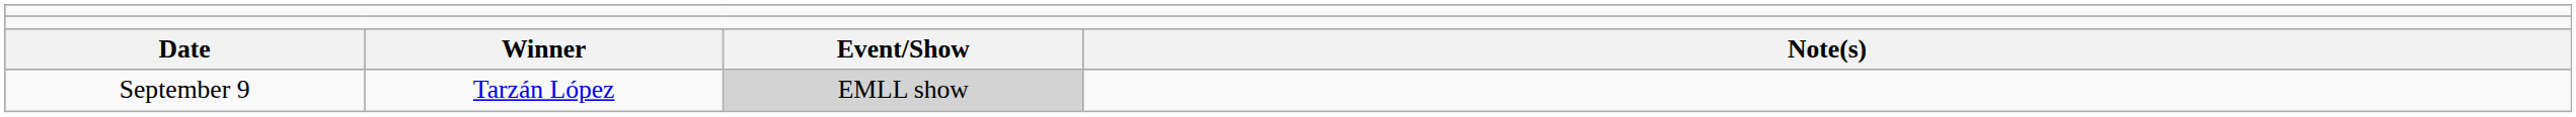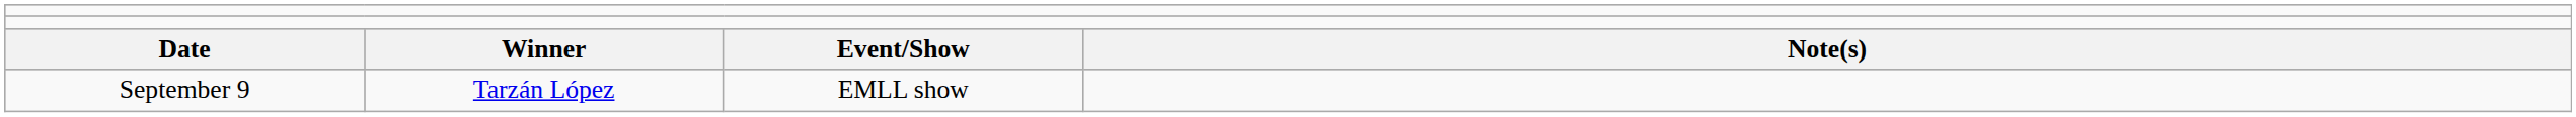 <table class="wikitable" style="text-align:center; width:100%;">
 <tr>
 <td colspan="5"></td>
 </tr>
 <tr>
 <td colspan="5"><strong></strong></td>
 </tr>
 <tr>
 <th width=14%>Date</th>
 <th width=14%>Winner</th>
 <th width=14%>Event/Show</th>
 <th width=58%>Note(s)</th>
 </tr>
 <tr>
 <td>September 9</td>
 <td><a href='#'>Tarzán López</a></td>
-<td style="background: lightgrey;">EMLL show</td>
+<td>EMLL show</td>
 <td align=left></td>
 </tr>
 </table>
